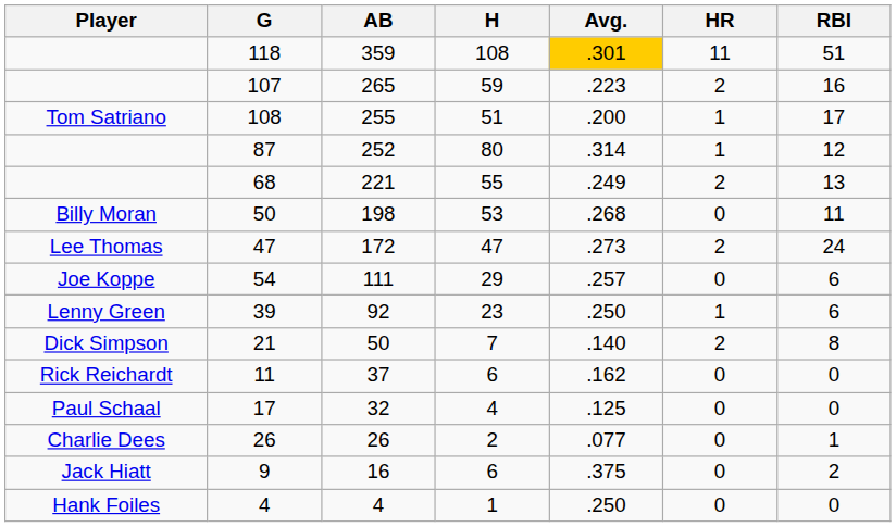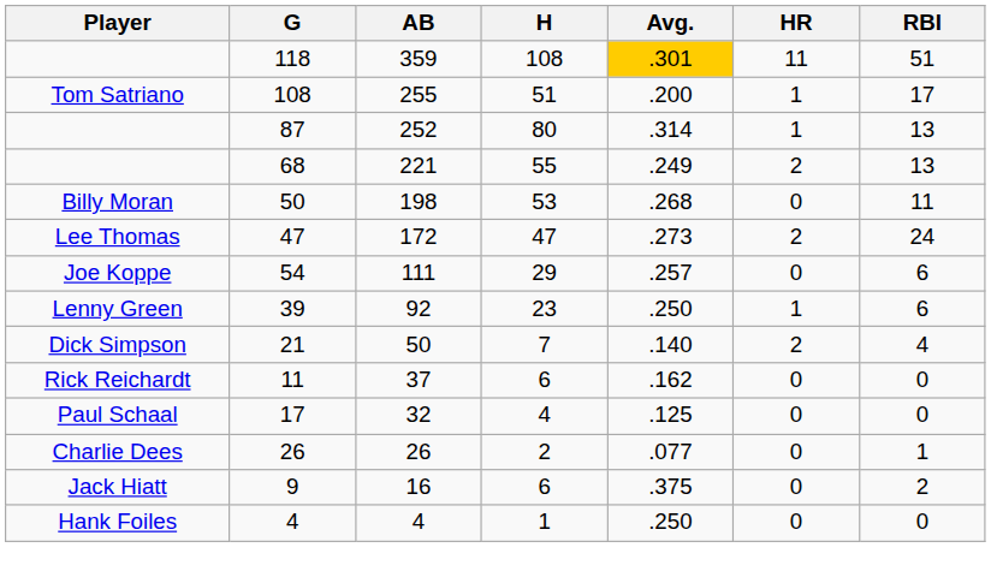 <table class="wikitable sortable">
 <tr>
 <th bgcolor="#DDDDFF" width="16%">Player</th>
 <th bgcolor="#DDDDFF" width="9%">G</th>
 <th bgcolor="#DDDDFF" width="9%">AB</th>
 <th bgcolor="#DDDDFF" width="9%">H</th>
 <th bgcolor="#DDDDFF" width="9%">Avg.</th>
 <th bgcolor="#DDDDFF" width="9%">HR</th>
 <th bgcolor="#DDDDFF" width="9%">RBI</th>
 </tr>
 <tr align="center">
 <td></td>
 <td>118</td>
 <td>359</td>
 <td>108</td>
 <td style="background:#fc0;">.301</td>
 <td>11</td>
 <td>51</td>
 </tr>
 <tr align="center">
-<td></td>
-<td>107</td>
-<td>265</td>
-<td>59</td>
-<td>.223</td>
-<td>2</td>
-<td>16</td>
-</tr>
-<tr align="center">
 <td><a href='#'>Tom Satriano</a></td>
 <td>108</td>
 <td>255</td>
 <td>51</td>
 <td>.200</td>
 <td>1</td>
 <td>17</td>
 </tr>
 <tr align=center>
 <td></td>
 <td>87</td>
 <td>252</td>
 <td>80</td>
 <td>.314</td>
 <td>1</td>
-<td>12</td>
+<td>13</td>
 </tr>
 <tr align="center">
 <td></td>
 <td>68</td>
 <td>221</td>
 <td>55</td>
 <td>.249</td>
 <td>2</td>
 <td>13</td>
 </tr>
 <tr align="center">
 <td><a href='#'>Billy Moran</a></td>
 <td>50</td>
 <td>198</td>
 <td>53</td>
 <td>.268</td>
 <td>0</td>
 <td>11</td>
 </tr>
 <tr align=center>
 <td><a href='#'>Lee Thomas</a></td>
 <td>47</td>
 <td>172</td>
 <td>47</td>
 <td>.273</td>
 <td>2</td>
 <td>24</td>
 </tr>
 <tr align=center>
 <td><a href='#'>Joe Koppe</a></td>
 <td>54</td>
 <td>111</td>
 <td>29</td>
 <td>.257</td>
 <td>0</td>
 <td>6</td>
 </tr>
 <tr align=center>
 <td><a href='#'>Lenny Green</a></td>
 <td>39</td>
 <td>92</td>
 <td>23</td>
 <td>.250</td>
 <td>1</td>
 <td>6</td>
 </tr>
 <tr align=center>
 <td><a href='#'>Dick Simpson</a></td>
 <td>21</td>
 <td>50</td>
 <td>7</td>
 <td>.140</td>
 <td>2</td>
-<td>8</td>
+<td>4</td>
 </tr>
 <tr align=center>
 <td><a href='#'>Rick Reichardt</a></td>
 <td>11</td>
 <td>37</td>
 <td>6</td>
 <td>.162</td>
 <td>0</td>
 <td>0</td>
 </tr>
 <tr align=center>
 <td><a href='#'>Paul Schaal</a></td>
 <td>17</td>
 <td>32</td>
 <td>4</td>
 <td>.125</td>
 <td>0</td>
 <td>0</td>
 </tr>
 <tr align=center>
 <td><a href='#'>Charlie Dees</a></td>
 <td>26</td>
 <td>26</td>
 <td>2</td>
 <td>.077</td>
 <td>0</td>
 <td>1</td>
 </tr>
 <tr align=center>
 <td><a href='#'>Jack Hiatt</a></td>
 <td>9</td>
 <td>16</td>
 <td>6</td>
 <td>.375</td>
 <td>0</td>
 <td>2</td>
 </tr>
 <tr align=center>
 <td><a href='#'>Hank Foiles</a></td>
 <td>4</td>
 <td>4</td>
 <td>1</td>
 <td>.250</td>
 <td>0</td>
 <td>0</td>
 </tr>
 </table>
